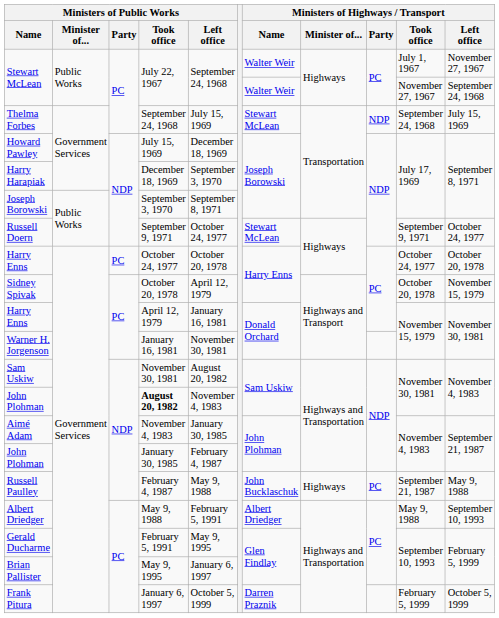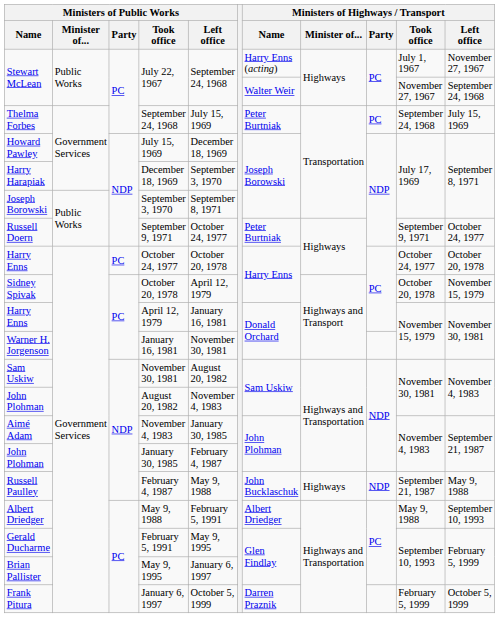 <table class="wikitable">
 <tr>
 <th colspan="5">Ministers of Public Works</th>
 <th rowspan="24"></th>
 <th colspan="5">Ministers of Highways / Transport</th>
 </tr>
 <tr>
 <th>Name</th>
 <th>Minister of...</th>
 <th>Party</th>
 <th>Took office</th>
 <th>Left office</th>
 <th>Name</th>
 <th>Minister of...</th>
 <th>Party</th>
 <th>Took office</th>
 <th>Left office</th>
 </tr>
 <tr>
 <td rowspan="2"><a href='#'>Stewart McLean</a></td>
 <td rowspan="2">Public Works</td>
 <td rowspan="3"><a href='#'>PC</a></td>
 <td rowspan="2">July 22, 1967</td>
 <td rowspan="2">September 24, 1968</td>
-<td><a href='#'>Walter Weir</a></td>
+<td><a href='#'>Harry Enns</a> (<em>acting</em>)</td>
 <td rowspan="2">Highways</td>
 <td rowspan="2"><a href='#'>PC</a></td>
 <td>July 1, 1967</td>
 <td>November 27, 1967</td>
 </tr>
 <tr>
 <td><a href='#'>Walter Weir</a></td>
 <td>November 27, 1967</td>
 <td>September 24, 1968</td>
 </tr>
 <tr>
 <td><a href='#'>Thelma Forbes</a></td>
 <td rowspan="3">Government Services</td>
 <td>September 24, 1968</td>
 <td>July 15, 1969</td>
-<td><a href='#'>Stewart McLean</a></td>
+<td><a href='#'>Peter Burtniak</a></td>
 <td rowspan="4">Transportation</td>
-<td><a href='#'>NDP</a></td>
+<td><a href='#'>PC</a></td>
 <td>September 24, 1968</td>
 <td>July 15, 1969</td>
 </tr>
 <tr>
 <td><a href='#'>Howard Pawley</a></td>
 <td rowspan="4"><a href='#'>NDP</a></td>
 <td>July 15, 1969</td>
 <td>December 18, 1969</td>
 <td rowspan="3"><a href='#'>Joseph Borowski</a></td>
 <td rowspan="4"><a href='#'>NDP</a></td>
 <td rowspan="3">July 17, 1969</td>
 <td rowspan="3">September 8, 1971</td>
 </tr>
 <tr>
 <td><a href='#'>Harry Harapiak</a></td>
 <td>December 18, 1969</td>
 <td>September 3, 1970</td>
 </tr>
 <tr>
 <td><a href='#'>Joseph Borowski</a></td>
 <td rowspan="2">Public Works</td>
 <td>September 3, 1970</td>
 <td>September 8, 1971</td>
 </tr>
 <tr>
 <td><a href='#'>Russell Doern</a></td>
 <td>September 9, 1971</td>
 <td>October 24, 1977</td>
-<td><a href='#'>Stewart McLean</a></td>
+<td><a href='#'>Peter Burtniak</a></td>
 <td rowspan="2">Highways</td>
 <td>September 9, 1971</td>
 <td>October 24, 1977</td>
 </tr>
 <tr>
 <td><a href='#'>Harry Enns</a></td>
 <td rowspan="15">Government Services</td>
 <td><a href='#'>PC</a></td>
 <td>October 24, 1977</td>
 <td>October 20, 1978</td>
 <td rowspan="2"><a href='#'>Harry Enns</a></td>
 <td rowspan="3"><a href='#'>PC</a></td>
 <td>October 24, 1977</td>
 <td>October 20, 1978</td>
 </tr>
 <tr>
 <td><a href='#'>Sidney Spivak</a></td>
 <td rowspan="3"><a href='#'>PC</a></td>
 <td>October 20, 1978</td>
 <td>April 12, 1979</td>
 <td rowspan="3">Highways and Transport</td>
 <td>October 20, 1978</td>
 <td>November 15, 1979</td>
 </tr>
 <tr>
 <td><a href='#'>Harry Enns</a></td>
 <td>April 12, 1979</td>
 <td>January 16, 1981</td>
 <td rowspan="2"><a href='#'>Donald Orchard</a></td>
 <td rowspan="2">November 15, 1979</td>
 <td rowspan="2">November 30, 1981</td>
 </tr>
 <tr>
 <td><a href='#'>Warner H. Jorgenson</a></td>
 <td>January 16, 1981</td>
 <td>November 30, 1981</td>
 <td></td>
 </tr>
 <tr>
 <td><a href='#'>Sam Uskiw</a></td>
 <td rowspan="5"><a href='#'>NDP</a></td>
 <td>November 30, 1981</td>
 <td>August 20, 1982</td>
 <td rowspan="2"><a href='#'>Sam Uskiw</a></td>
 <td rowspan="4">Highways and Transportation</td>
 <td rowspan="4"><a href='#'>NDP</a></td>
 <td rowspan="2">November 30, 1981</td>
 <td rowspan="2">November 4, 1983</td>
 </tr>
 <tr>
 <td><a href='#'>John Plohman</a></td>
-<td><strong>August 20, 1982</strong></td>
+<td>August 20, 1982</td>
 <td>November 4, 1983</td>
 </tr>
 <tr>
 <td><a href='#'>Aimé Adam</a></td>
 <td>November 4, 1983</td>
 <td>January 30, 1985</td>
 <td rowspan="2"><a href='#'>John Plohman</a></td>
 <td rowspan="2">November 4, 1983</td>
 <td rowspan="2">September 21, 1987</td>
 </tr>
 <tr>
 <td><a href='#'>John Plohman</a></td>
 <td>January 30, 1985</td>
 <td>February 4, 1987</td>
 </tr>
 <tr>
 <td><a href='#'>Russell Paulley</a></td>
 <td>February 4, 1987</td>
 <td>May 9, 1988</td>
 <td><a href='#'>John Bucklaschuk</a></td>
 <td>Highways</td>
-<td><a href='#'>PC</a></td>
+<td><a href='#'>NDP</a></td>
 <td>September 21, 1987</td>
 <td>May 9, 1988</td>
 </tr>
 <tr>
 <td><a href='#'>Albert Driedger</a></td>
 <td rowspan="6"><a href='#'>PC</a></td>
 <td>May 9, 1988</td>
 <td>February 5, 1991</td>
 <td rowspan="2"><a href='#'>Albert Driedger</a></td>
 <td rowspan="6">Highways and Transportation</td>
 <td rowspan="5"><a href='#'>PC</a></td>
 <td rowspan="2">May 9, 1988</td>
 <td rowspan="2">September 10, 1993</td>
 </tr>
 <tr>
 <td rowspan="2"><a href='#'>Gerald Ducharme</a></td>
 <td rowspan="2">February 5, 1991</td>
 <td rowspan="2">May 9, 1995</td>
 </tr>
 <tr>
 <td rowspan="3"><a href='#'>Glen Findlay</a></td>
 <td rowspan="3">September 10, 1993</td>
 <td rowspan="3">February 5, 1999</td>
 </tr>
 <tr>
 <td><a href='#'>Brian Pallister</a></td>
 <td>May 9, 1995</td>
 <td>January 6, 1997</td>
 </tr>
 <tr>
 <td rowspan="2"><a href='#'>Frank Pitura</a></td>
 <td rowspan="2">January 6, 1997</td>
 <td rowspan="2">October 5, 1999</td>
 </tr>
 <tr>
 <td><a href='#'>Darren Praznik</a></td>
 <td></td>
 <td>February 5, 1999</td>
 <td>October 5, 1999</td>
 </tr>
 </table>
